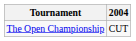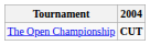 <table class="wikitable" style="font-size:95%;text-align:center;">
 <tr>
 <th>Tournament</th>
 <th>2004</th>
 </tr>
 <tr>
 <td align=left><a href='#'>The Open Championship</a></td>
-<td>CUT</td>
+<td><strong>CUT</strong></td>
 </tr>
 </table>
